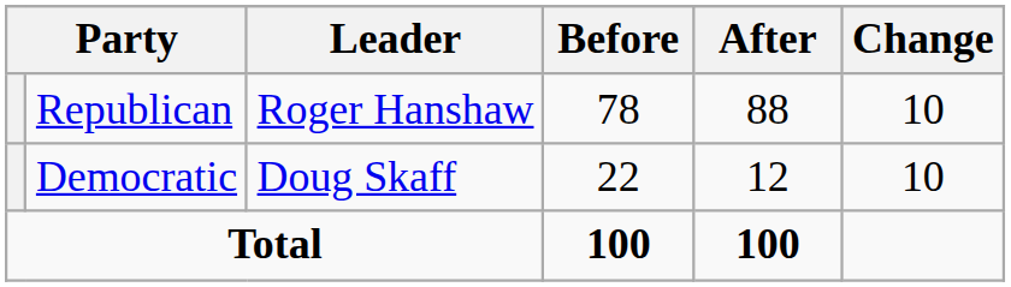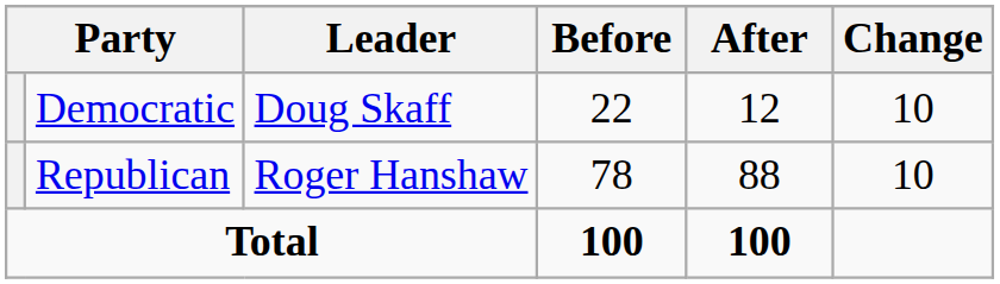 <table class="wikitable" style="text-align:center;">
 <tr>
 </tr>
 <tr>
 <th colspan=2>Party</th>
 <th>Leader</th>
 <th style="width:3em">Before</th>
 <th style="width:3em">After</th>
 <th style="width:3em">Change</th>
 </tr>
 <tr>
 <th style="background-color:"></th>
+<td style="text-align:left;"><a href='#'>Democratic</a></td>
+<td style="text-align:left;"><a href='#'>Doug Skaff</a></td>
+<td>22</td>
+<td>12</td>
+<td> 10</td>
+</tr>
+<tr>
+<th style="background-color:"></th>
 <td style="text-align:left;"><a href='#'>Republican</a></td>
 <td style="text-align:left;"><a href='#'>Roger Hanshaw</a></td>
 <td>78</td>
 <td>88</td>
-<td> 10</td>
-</tr>
-<tr>
-<th style="background-color:"></th>
-<td style="text-align:left;"><a href='#'>Democratic</a></td>
-<td style="text-align:left;"><a href='#'>Doug Skaff</a></td>
-<td>22</td>
-<td>12</td>
 <td> 10</td>
 </tr>
 <tr>
 <td colspan=3><strong>Total</strong></td>
 <td><strong>100</strong></td>
 <td><strong>100</strong></td>
 <td></td>
 </tr>
 </table>
